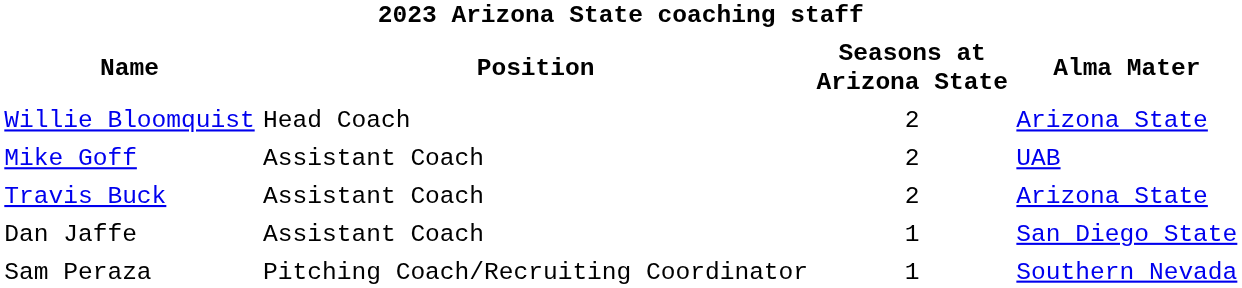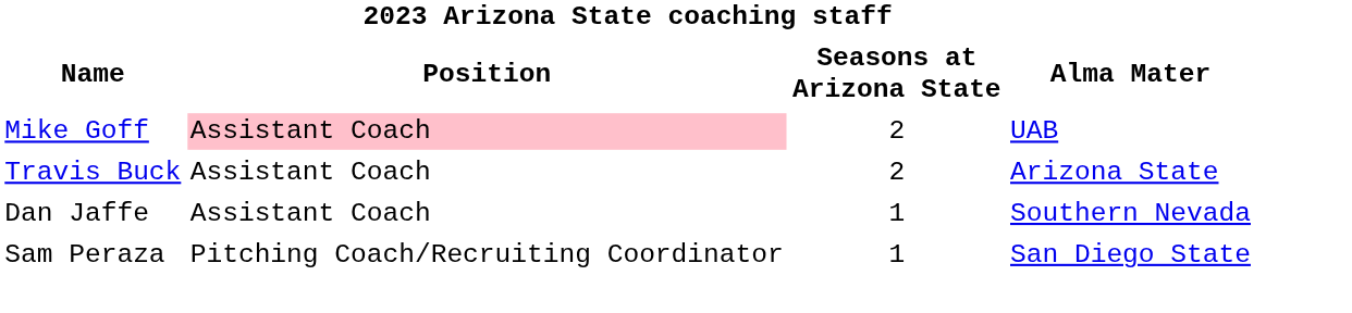 <table class="toccolours" style="border-collapse; font-size:90%;">
 <tr>
 <th colspan="4">2023 Arizona State coaching staff</th>
 </tr>
 <tr>
 <th>Name</th>
 <th>Position</th>
 <th>Seasons at<br>Arizona State</th>
 <th>Alma Mater</th>
 </tr>
 <tr>
-<td><a href='#'>Willie Bloomquist</a></td>
-<td>Head Coach</td>
-<td align=center>2</td>
-<td><a href='#'>Arizona State</a></td>
-</tr>
-<tr>
 <td><a href='#'>Mike Goff</a></td>
-<td>Assistant Coach</td>
+<td style="background: pink;">Assistant Coach</td>
 <td align=center>2</td>
 <td><a href='#'>UAB</a></td>
 </tr>
 <tr>
 <td><a href='#'>Travis Buck</a></td>
 <td>Assistant Coach</td>
 <td align=center>2</td>
 <td><a href='#'>Arizona State</a></td>
 </tr>
 <tr>
 <td>Dan Jaffe</td>
 <td>Assistant Coach</td>
 <td align=center>1</td>
-<td><a href='#'>San Diego State</a></td>
+<td><a href='#'>Southern Nevada</a></td>
 </tr>
 <tr>
 <td>Sam Peraza</td>
 <td>Pitching Coach/Recruiting Coordinator</td>
 <td align=center>1</td>
-<td><a href='#'>Southern Nevada</a></td>
+<td><a href='#'>San Diego State</a></td>
 </tr>
 </table>
